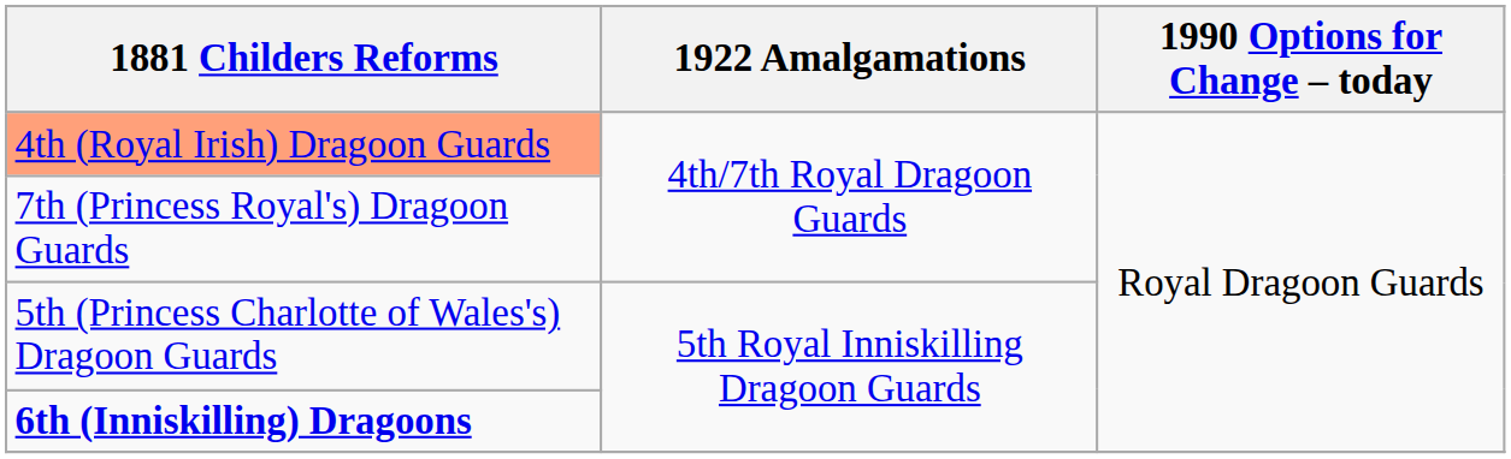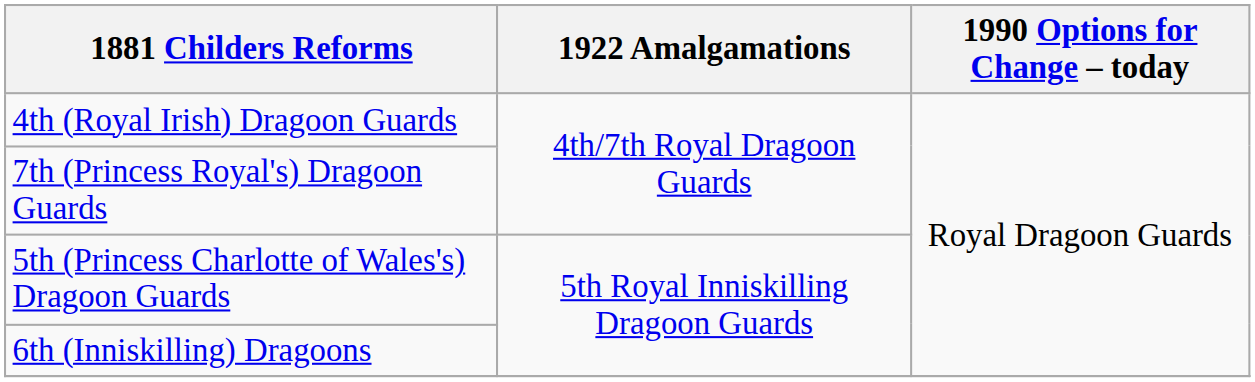 <table class="wikitable">
 <tr>
 <th>1881 <a href='#'>Childers Reforms</a></th>
 <th>1922 Amalgamations</th>
 <th>1990 <a href='#'>Options for Change</a> – today</th>
 </tr>
 <tr>
-<td style="background: lightsalmon;"><a href='#'>4th (Royal Irish) Dragoon Guards</a></td>
+<td><a href='#'>4th (Royal Irish) Dragoon Guards</a></td>
 <td rowspan="2" colspan="1" style="text-align: center;"><a href='#'>4th/7th Royal Dragoon Guards</a></td>
 <td rowspan="4" colspan="1" style="text-align: center;">Royal Dragoon Guards</td>
 </tr>
 <tr>
 <td><a href='#'>7th (Princess Royal's) Dragoon Guards</a></td>
 </tr>
 <tr>
 <td><a href='#'>5th (Princess Charlotte of Wales's) Dragoon Guards</a></td>
 <td rowspan="2" colspan="1" style="text-align: center;"><a href='#'>5th Royal Inniskilling Dragoon Guards</a></td>
 </tr>
 <tr>
-<td><strong><a href='#'>6th (Inniskilling) Dragoons</a></strong></td>
+<td><a href='#'>6th (Inniskilling) Dragoons</a></td>
 </tr>
 <tr>
 </tr>
 </table>
